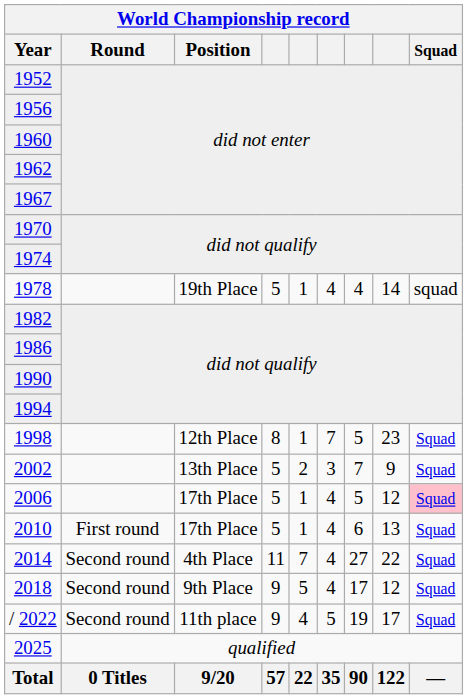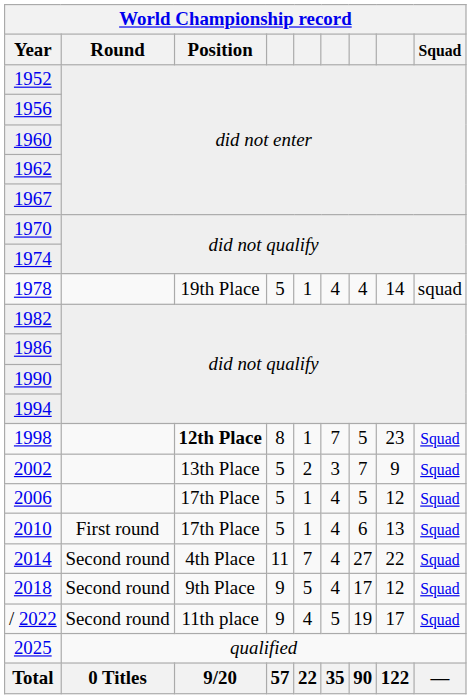 <table class="wikitable" style="text-align: center;">
 <tr>
 <th colspan=9><a href='#'>World Championship record</a></th>
 </tr>
 <tr>
 <th>Year</th>
 <th>Round</th>
 <th>Position</th>
 <th></th>
 <th></th>
 <th></th>
 <th></th>
 <th></th>
 <th><small>Squad</small></th>
 </tr>
 <tr bgcolor="efefef">
 <td> <a href='#'>1952</a></td>
 <td colspan=8 rowspan=5 align=center><em>did not enter</em></td>
 </tr>
 <tr bgcolor="efefef">
 <td> <a href='#'>1956</a></td>
 </tr>
 <tr bgcolor="efefef">
 <td> <a href='#'>1960</a></td>
 </tr>
 <tr bgcolor="efefef">
 <td> <a href='#'>1962</a></td>
 </tr>
 <tr bgcolor="efefef">
 <td> <a href='#'>1967</a></td>
 </tr>
 <tr bgcolor="efefef">
 <td> <a href='#'>1970</a></td>
 <td colspan=8 rowspan=2 align=center><em>did not qualify</em></td>
 </tr>
 <tr bgcolor="efefef">
 <td> <a href='#'>1974</a></td>
 </tr>
 <tr>
 <td> <a href='#'>1978</a></td>
 <td></td>
 <td>19th Place</td>
 <td>5</td>
 <td>1</td>
 <td>4</td>
 <td>4</td>
 <td>14</td>
 <td>squad</td>
 </tr>
 <tr bgcolor="efefef">
 <td> <a href='#'>1982</a></td>
 <td colspan=8 rowspan=4 align=center><em>did not qualify</em></td>
 </tr>
 <tr bgcolor="efefef">
 <td> <a href='#'>1986</a></td>
 </tr>
 <tr bgcolor="efefef">
 <td> <a href='#'>1990</a></td>
 </tr>
 <tr bgcolor="efefef">
 <td> <a href='#'>1994</a></td>
 </tr>
 <tr>
 <td> <a href='#'>1998</a></td>
 <td></td>
-<td>12th Place</td>
+<td><strong>12th Place</strong></td>
 <td>8</td>
 <td>1</td>
 <td>7</td>
 <td>5</td>
 <td>23</td>
 <td><small><a href='#'>Squad</a></small></td>
 </tr>
 <tr>
 <td> <a href='#'>2002</a></td>
 <td></td>
 <td>13th Place</td>
 <td>5</td>
 <td>2</td>
 <td>3</td>
 <td>7</td>
 <td>9</td>
 <td><small><a href='#'>Squad</a></small></td>
 </tr>
 <tr>
 <td> <a href='#'>2006</a></td>
 <td></td>
 <td>17th Place</td>
 <td>5</td>
 <td>1</td>
 <td>4</td>
 <td>5</td>
 <td>12</td>
-<td style="background: pink;"><small><a href='#'>Squad</a></small></td>
+<td><small><a href='#'>Squad</a></small></td>
 </tr>
 <tr>
 <td> <a href='#'>2010</a></td>
 <td>First round</td>
 <td>17th Place</td>
 <td>5</td>
 <td>1</td>
 <td>4</td>
 <td>6</td>
 <td>13</td>
 <td><small><a href='#'>Squad</a></small></td>
 </tr>
 <tr>
 <td> <a href='#'>2014</a></td>
 <td>Second round</td>
 <td>4th Place</td>
 <td>11</td>
 <td>7</td>
 <td>4</td>
 <td>27</td>
 <td>22</td>
 <td><small><a href='#'>Squad</a></small></td>
 </tr>
 <tr>
 <td> <a href='#'>2018</a></td>
 <td>Second round</td>
 <td>9th Place</td>
 <td>9</td>
 <td>5</td>
 <td>4</td>
 <td>17</td>
 <td>12</td>
 <td><small><a href='#'>Squad</a></small></td>
 </tr>
 <tr>
 <td>/ <a href='#'>2022</a></td>
 <td>Second round</td>
 <td>11th place</td>
 <td>9</td>
 <td>4</td>
 <td>5</td>
 <td>19</td>
 <td>17</td>
 <td><small><a href='#'>Squad</a></small></td>
 </tr>
 <tr>
 <td> <a href='#'>2025</a></td>
 <td colspan=8 align=center><em>qualified</em></td>
 </tr>
 <tr>
 <th>Total</th>
 <th>0 Titles</th>
 <th>9/20</th>
 <th>57</th>
 <th>22</th>
 <th>35</th>
 <th>90</th>
 <th>122</th>
 <th>—</th>
 </tr>
 </table>
